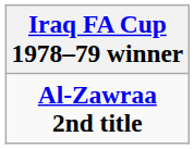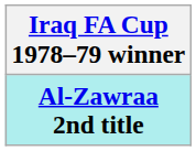 <table class="wikitable" style="text-align: center; margin: 0 auto;">
 <tr>
 <th><a href='#'>Iraq FA Cup</a><br>1978–79 winner</th>
 </tr>
 <tr>
-<td><strong><a href='#'>Al-Zawraa</a></strong><br><strong>2nd title</strong></td>
+<td style="background: paleturquoise;"><strong><a href='#'>Al-Zawraa</a></strong><br><strong>2nd title</strong></td>
 </tr>
 </table>
